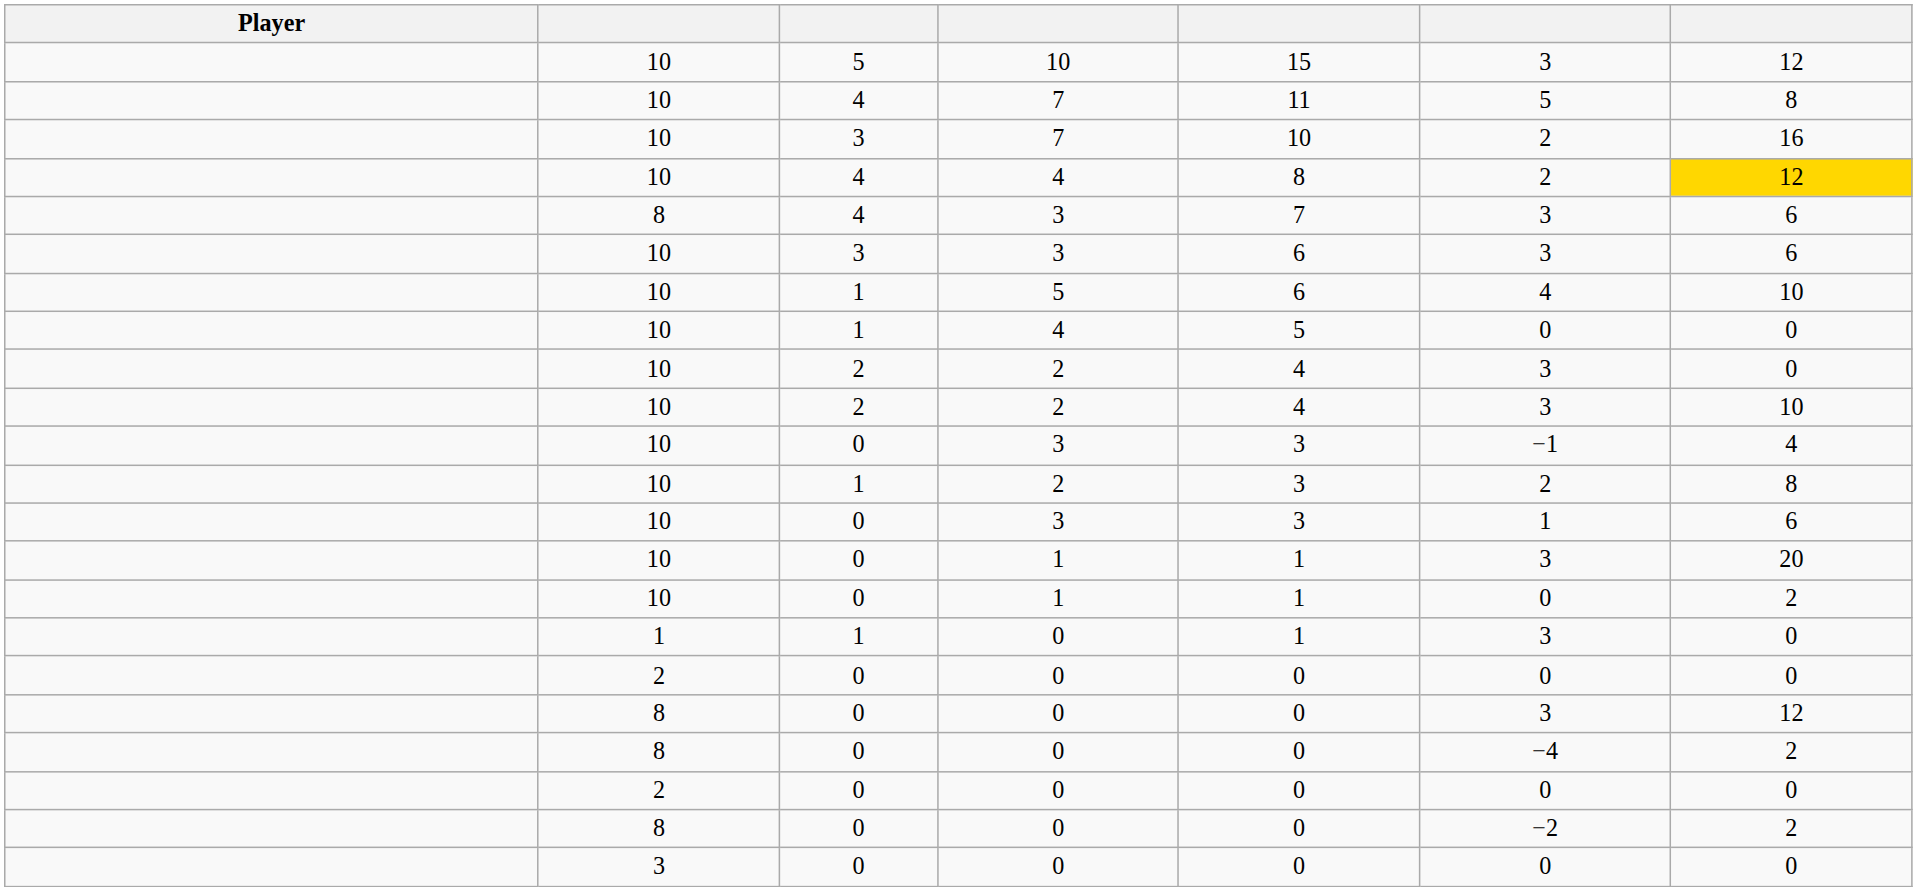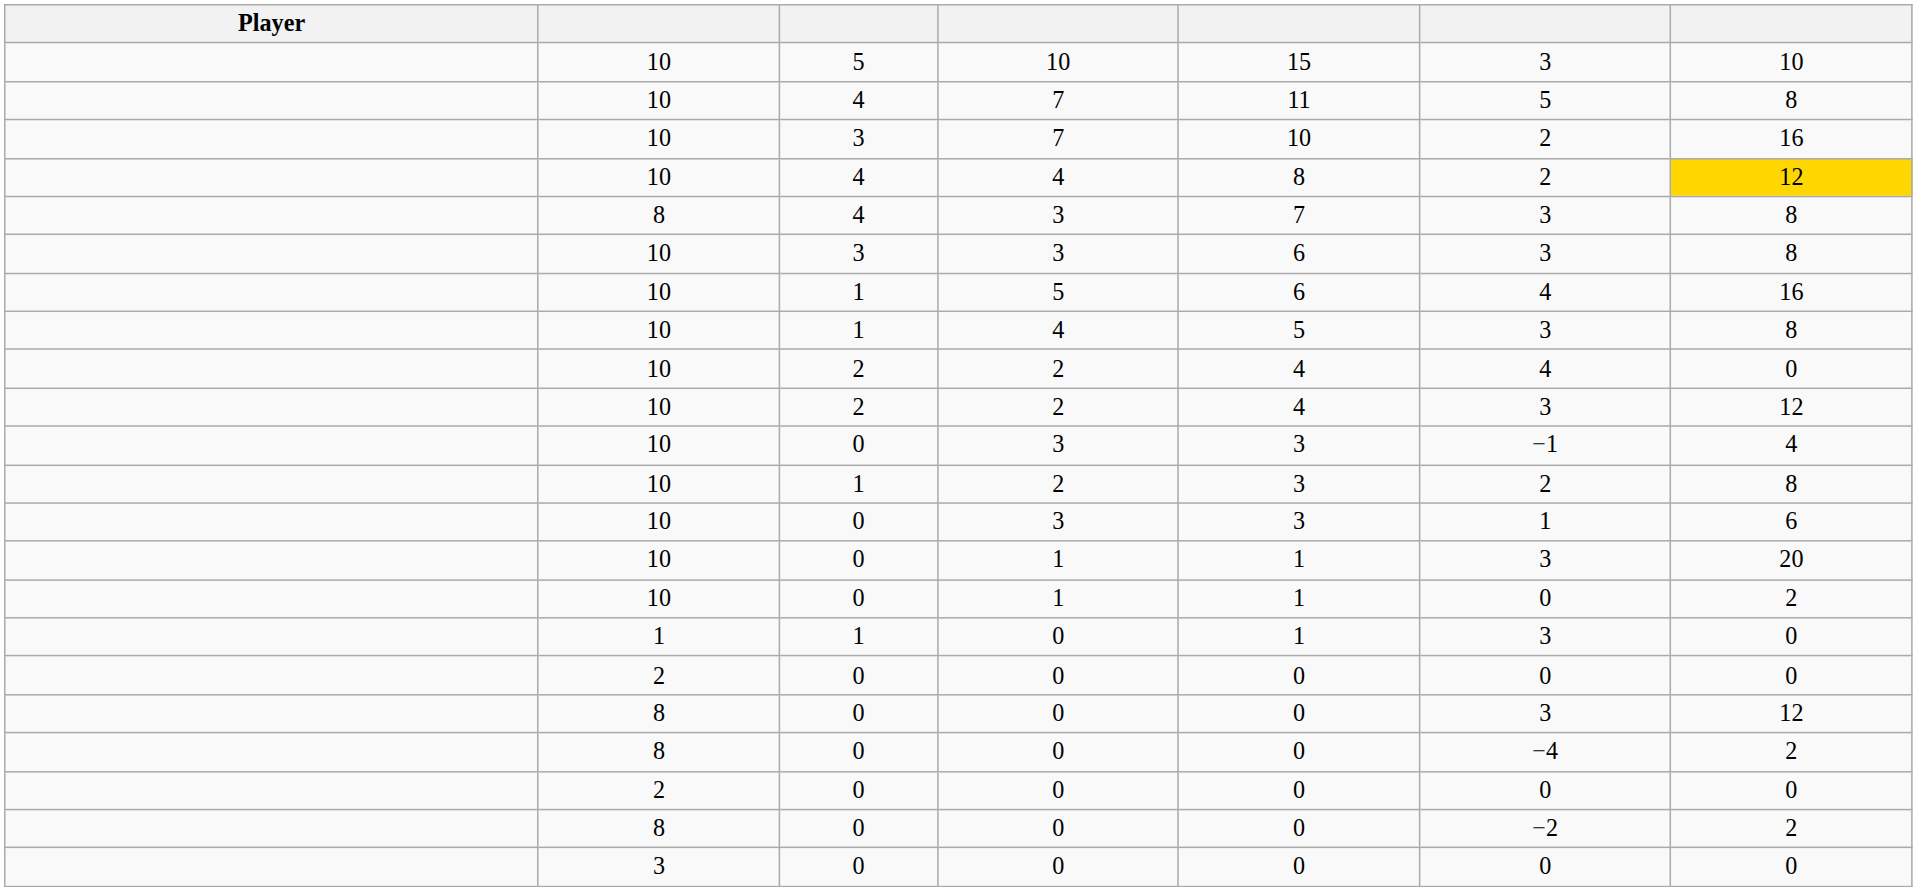 <table class="wikitable sortable" style="width:100%;">
 <tr align=center>
 <th>Player</th>
 <th></th>
 <th></th>
 <th></th>
 <th></th>
 <th data-sort-type="number"></th>
 <th></th>
 </tr>
 <tr style="text-align:center;">
 <td></td>
 <td>10</td>
 <td>5</td>
 <td>10</td>
 <td>15</td>
 <td>3</td>
-<td>12</td>
+<td>10</td>
 </tr>
 <tr style="text-align:center;">
 <td></td>
 <td>10</td>
 <td>4</td>
 <td>7</td>
 <td>11</td>
 <td>5</td>
 <td>8</td>
 </tr>
 <tr style="text-align:center;">
 <td></td>
 <td>10</td>
 <td>3</td>
 <td>7</td>
 <td>10</td>
 <td>2</td>
 <td>16</td>
 </tr>
 <tr style="text-align:center;">
 <td></td>
 <td>10</td>
 <td>4</td>
 <td>4</td>
 <td>8</td>
 <td>2</td>
 <td style="background: gold;">12</td>
 </tr>
 <tr style="text-align:center;">
 <td></td>
 <td>8</td>
 <td>4</td>
 <td>3</td>
 <td>7</td>
 <td>3</td>
-<td>6</td>
+<td>8</td>
 </tr>
 <tr style="text-align:center;">
 <td></td>
 <td>10</td>
 <td>3</td>
 <td>3</td>
 <td>6</td>
 <td>3</td>
-<td>6</td>
+<td>8</td>
 </tr>
 <tr style="text-align:center;">
 <td></td>
 <td>10</td>
 <td>1</td>
 <td>5</td>
 <td>6</td>
 <td>4</td>
-<td>10</td>
+<td>16</td>
 </tr>
 <tr style="text-align:center;">
 <td></td>
 <td>10</td>
 <td>1</td>
 <td>4</td>
 <td>5</td>
-<td>0</td>
+<td>3</td>
+<td>8</td>
+</tr>
+<tr style="text-align:center;">
+<td></td>
+<td>10</td>
+<td>2</td>
+<td>2</td>
+<td>4</td>
+<td>4</td>
 <td>0</td>
 </tr>
 <tr style="text-align:center;">
 <td></td>
 <td>10</td>
 <td>2</td>
 <td>2</td>
 <td>4</td>
 <td>3</td>
-<td>0</td>
-</tr>
-<tr style="text-align:center;">
-<td></td>
-<td>10</td>
-<td>2</td>
-<td>2</td>
-<td>4</td>
-<td>3</td>
-<td>10</td>
+<td>12</td>
 </tr>
 <tr style="text-align:center;">
 <td></td>
 <td>10</td>
 <td>0</td>
 <td>3</td>
 <td>3</td>
 <td>−1</td>
 <td>4</td>
 </tr>
 <tr style="text-align:center;">
 <td></td>
 <td>10</td>
 <td>1</td>
 <td>2</td>
 <td>3</td>
 <td>2</td>
 <td>8</td>
 </tr>
 <tr style="text-align:center;">
 <td></td>
 <td>10</td>
 <td>0</td>
 <td>3</td>
 <td>3</td>
 <td>1</td>
 <td>6</td>
 </tr>
 <tr style="text-align:center;">
 <td></td>
 <td>10</td>
 <td>0</td>
 <td>1</td>
 <td>1</td>
 <td>3</td>
 <td>20</td>
 </tr>
 <tr style="text-align:center;">
 <td></td>
 <td>10</td>
 <td>0</td>
 <td>1</td>
 <td>1</td>
 <td>0</td>
 <td>2</td>
 </tr>
 <tr style="text-align:center;">
 <td></td>
 <td>1</td>
 <td>1</td>
 <td>0</td>
 <td>1</td>
 <td>3</td>
 <td>0</td>
 </tr>
 <tr style="text-align:center;">
 <td></td>
 <td>2</td>
 <td>0</td>
 <td>0</td>
 <td>0</td>
 <td>0</td>
 <td>0</td>
 </tr>
 <tr style="text-align:center;">
 <td></td>
 <td>8</td>
 <td>0</td>
 <td>0</td>
 <td>0</td>
 <td>3</td>
 <td>12</td>
 </tr>
 <tr style="text-align:center;">
 <td></td>
 <td>8</td>
 <td>0</td>
 <td>0</td>
 <td>0</td>
 <td>−4</td>
 <td>2</td>
 </tr>
 <tr style="text-align:center;">
 <td></td>
 <td>2</td>
 <td>0</td>
 <td>0</td>
 <td>0</td>
 <td>0</td>
 <td>0</td>
 </tr>
 <tr style="text-align:center;">
 <td></td>
 <td>8</td>
 <td>0</td>
 <td>0</td>
 <td>0</td>
 <td>−2</td>
 <td>2</td>
 </tr>
 <tr style="text-align:center;">
 <td></td>
 <td>3</td>
 <td>0</td>
 <td>0</td>
 <td>0</td>
 <td>0</td>
 <td>0</td>
 </tr>
 </table>
